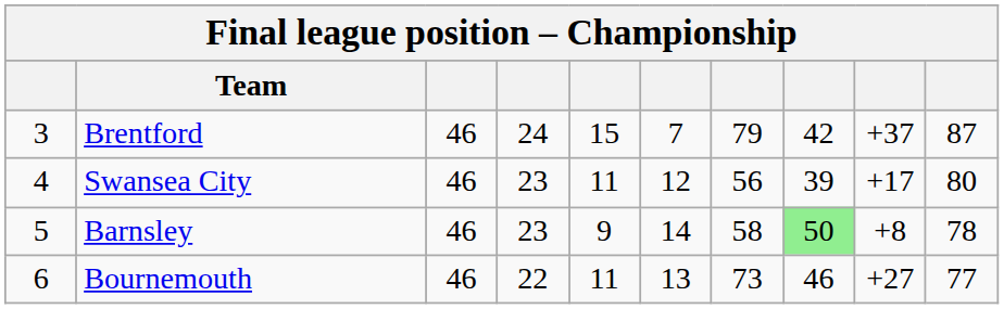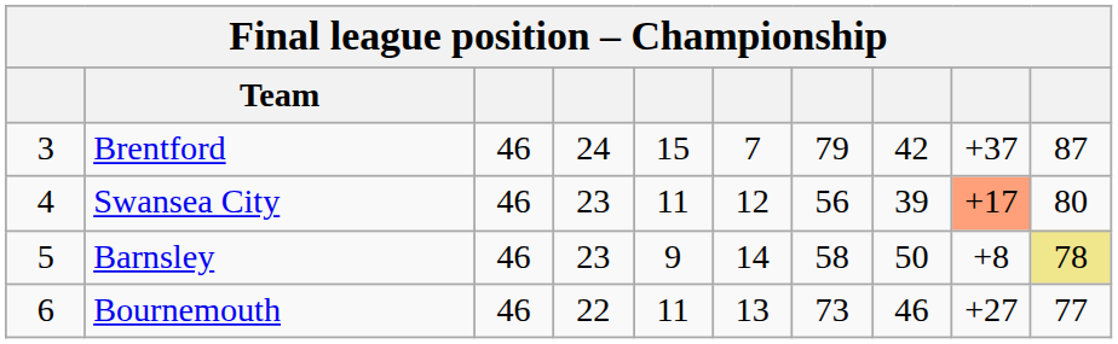 <table class="wikitable" style="text-align:center">
 <tr>
 <th colspan=10><big>Final league position – Championship</big></th>
 </tr>
 <tr>
 <th width="30"></th>
 <th width="175">Team</th>
 <th width="30"></th>
 <th width="30"></th>
 <th width="30"></th>
 <th width="30"></th>
 <th width="30"></th>
 <th width="30"></th>
 <th width="30"></th>
 <th width="30"></th>
 </tr>
 <tr>
 <td>3</td>
 <td align="left"><a href='#'>Brentford</a></td>
 <td>46</td>
 <td>24</td>
 <td>15</td>
 <td>7</td>
 <td>79</td>
 <td>42</td>
 <td>+37</td>
 <td>87</td>
 </tr>
 <tr>
 <td>4</td>
 <td align="left"><a href='#'>Swansea City</a></td>
 <td>46</td>
 <td>23</td>
 <td>11</td>
 <td>12</td>
 <td>56</td>
 <td>39</td>
-<td>+17</td>
+<td style="background: lightsalmon;">+17</td>
 <td>80</td>
 </tr>
 <tr>
 <td>5</td>
 <td align="left"><a href='#'>Barnsley</a></td>
 <td>46</td>
 <td>23</td>
 <td>9</td>
 <td>14</td>
 <td>58</td>
-<td style="background: lightgreen;">50</td>
+<td>50</td>
 <td>+8</td>
-<td>78</td>
+<td style="background: khaki;">78</td>
 </tr>
 <tr>
 <td>6</td>
 <td align="left"><a href='#'>Bournemouth</a></td>
 <td>46</td>
 <td>22</td>
 <td>11</td>
 <td>13</td>
 <td>73</td>
 <td>46</td>
 <td>+27</td>
 <td>77</td>
 </tr>
 </table>
